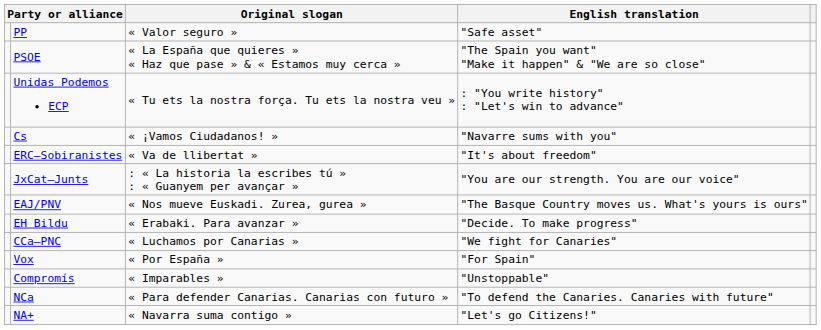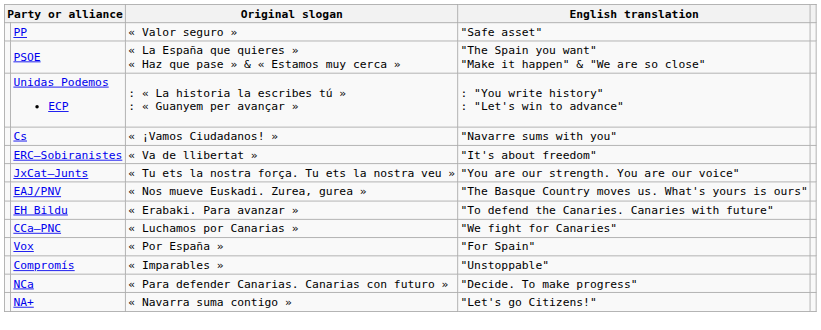 <table class="wikitable" style="text-align:left;">
 <tr>
 <th style="text-align:left;" colspan="2">Party or alliance</th>
 <th>Original slogan</th>
 <th>English translation</th>
 <th></th>
 </tr>
 <tr>
 <td width="1" style="color:inherit;background:"></td>
 <td><a href='#'>PP</a></td>
 <td>« Valor seguro »</td>
 <td>"Safe asset"</td>
 <td></td>
 </tr>
 <tr>
 <td style="color:inherit;background:"></td>
 <td><a href='#'>PSOE</a></td>
 <td>« La España que quieres »<br>« Haz que pase » & « Estamos muy cerca »</td>
 <td>"The Spain you want"<br>"Make it happen" & "We are so close"</td>
 <td><br></td>
 </tr>
 <tr>
 <td style="color:inherit;background:"></td>
 <td><a href='#'>Unidas Podemos</a><br><ul><li><a href='#'>ECP</a></li></ul></td>
-<td>« Tu ets la nostra força. Tu ets la nostra veu »</td>
+<td>: « La historia la escribes tú »<br>: « Guanyem per avançar »</td>
 <td>: "You write history"<br>: "Let's win to advance"</td>
 <td><br></td>
 </tr>
 <tr>
 <td style="color:inherit;background:"></td>
 <td><a href='#'>Cs</a></td>
 <td>« ¡Vamos Ciudadanos! »</td>
 <td>"Navarre sums with you"</td>
 <td></td>
 </tr>
 <tr>
 <td style="color:inherit;background:"></td>
 <td><a href='#'>ERC–Sobiranistes</a></td>
 <td>« Va de llibertat »</td>
 <td>"It's about freedom"</td>
 <td></td>
 </tr>
 <tr>
 <td style="color:inherit;background:"></td>
 <td><a href='#'>JxCat–Junts</a></td>
-<td>: « La historia la escribes tú »<br>: « Guanyem per avançar »</td>
+<td>« Tu ets la nostra força. Tu ets la nostra veu »</td>
 <td>"You are our strength. You are our voice"</td>
 <td></td>
 </tr>
 <tr>
 <td style="color:inherit;background:"></td>
 <td><a href='#'>EAJ/PNV</a></td>
 <td>« Nos mueve Euskadi. Zurea, gurea »</td>
 <td>"The Basque Country moves us. What's yours is ours"</td>
 <td></td>
 </tr>
 <tr>
 <td style="color:inherit;background:"></td>
 <td><a href='#'>EH Bildu</a></td>
 <td>« Erabaki. Para avanzar »</td>
-<td>"Decide. To make progress"</td>
+<td>"To defend the Canaries. Canaries with future"</td>
 <td></td>
 </tr>
 <tr>
 <td style="color:inherit;background:"></td>
 <td><a href='#'>CCa–PNC</a></td>
 <td>« Luchamos por Canarias »</td>
 <td>"We fight for Canaries"</td>
 <td></td>
 </tr>
 <tr>
 <td style="color:inherit;background:"></td>
 <td><a href='#'>Vox</a></td>
 <td>« Por España »</td>
 <td>"For Spain"</td>
 <td></td>
 </tr>
 <tr>
 <td style="color:inherit;background:"></td>
 <td><a href='#'>Compromís</a></td>
 <td>« Imparables »</td>
 <td>"Unstoppable"</td>
 <td></td>
 </tr>
 <tr>
 <td style="color:inherit;background:"></td>
 <td><a href='#'>NCa</a></td>
 <td>« Para defender Canarias. Canarias con futuro »</td>
-<td>"To defend the Canaries. Canaries with future"</td>
+<td>"Decide. To make progress"</td>
 <td></td>
 </tr>
 <tr>
 <td style="color:inherit;background:"></td>
 <td><a href='#'>NA+</a></td>
 <td>« Navarra suma contigo »</td>
 <td>"Let's go Citizens!"</td>
 <td></td>
 </tr>
 </table>
